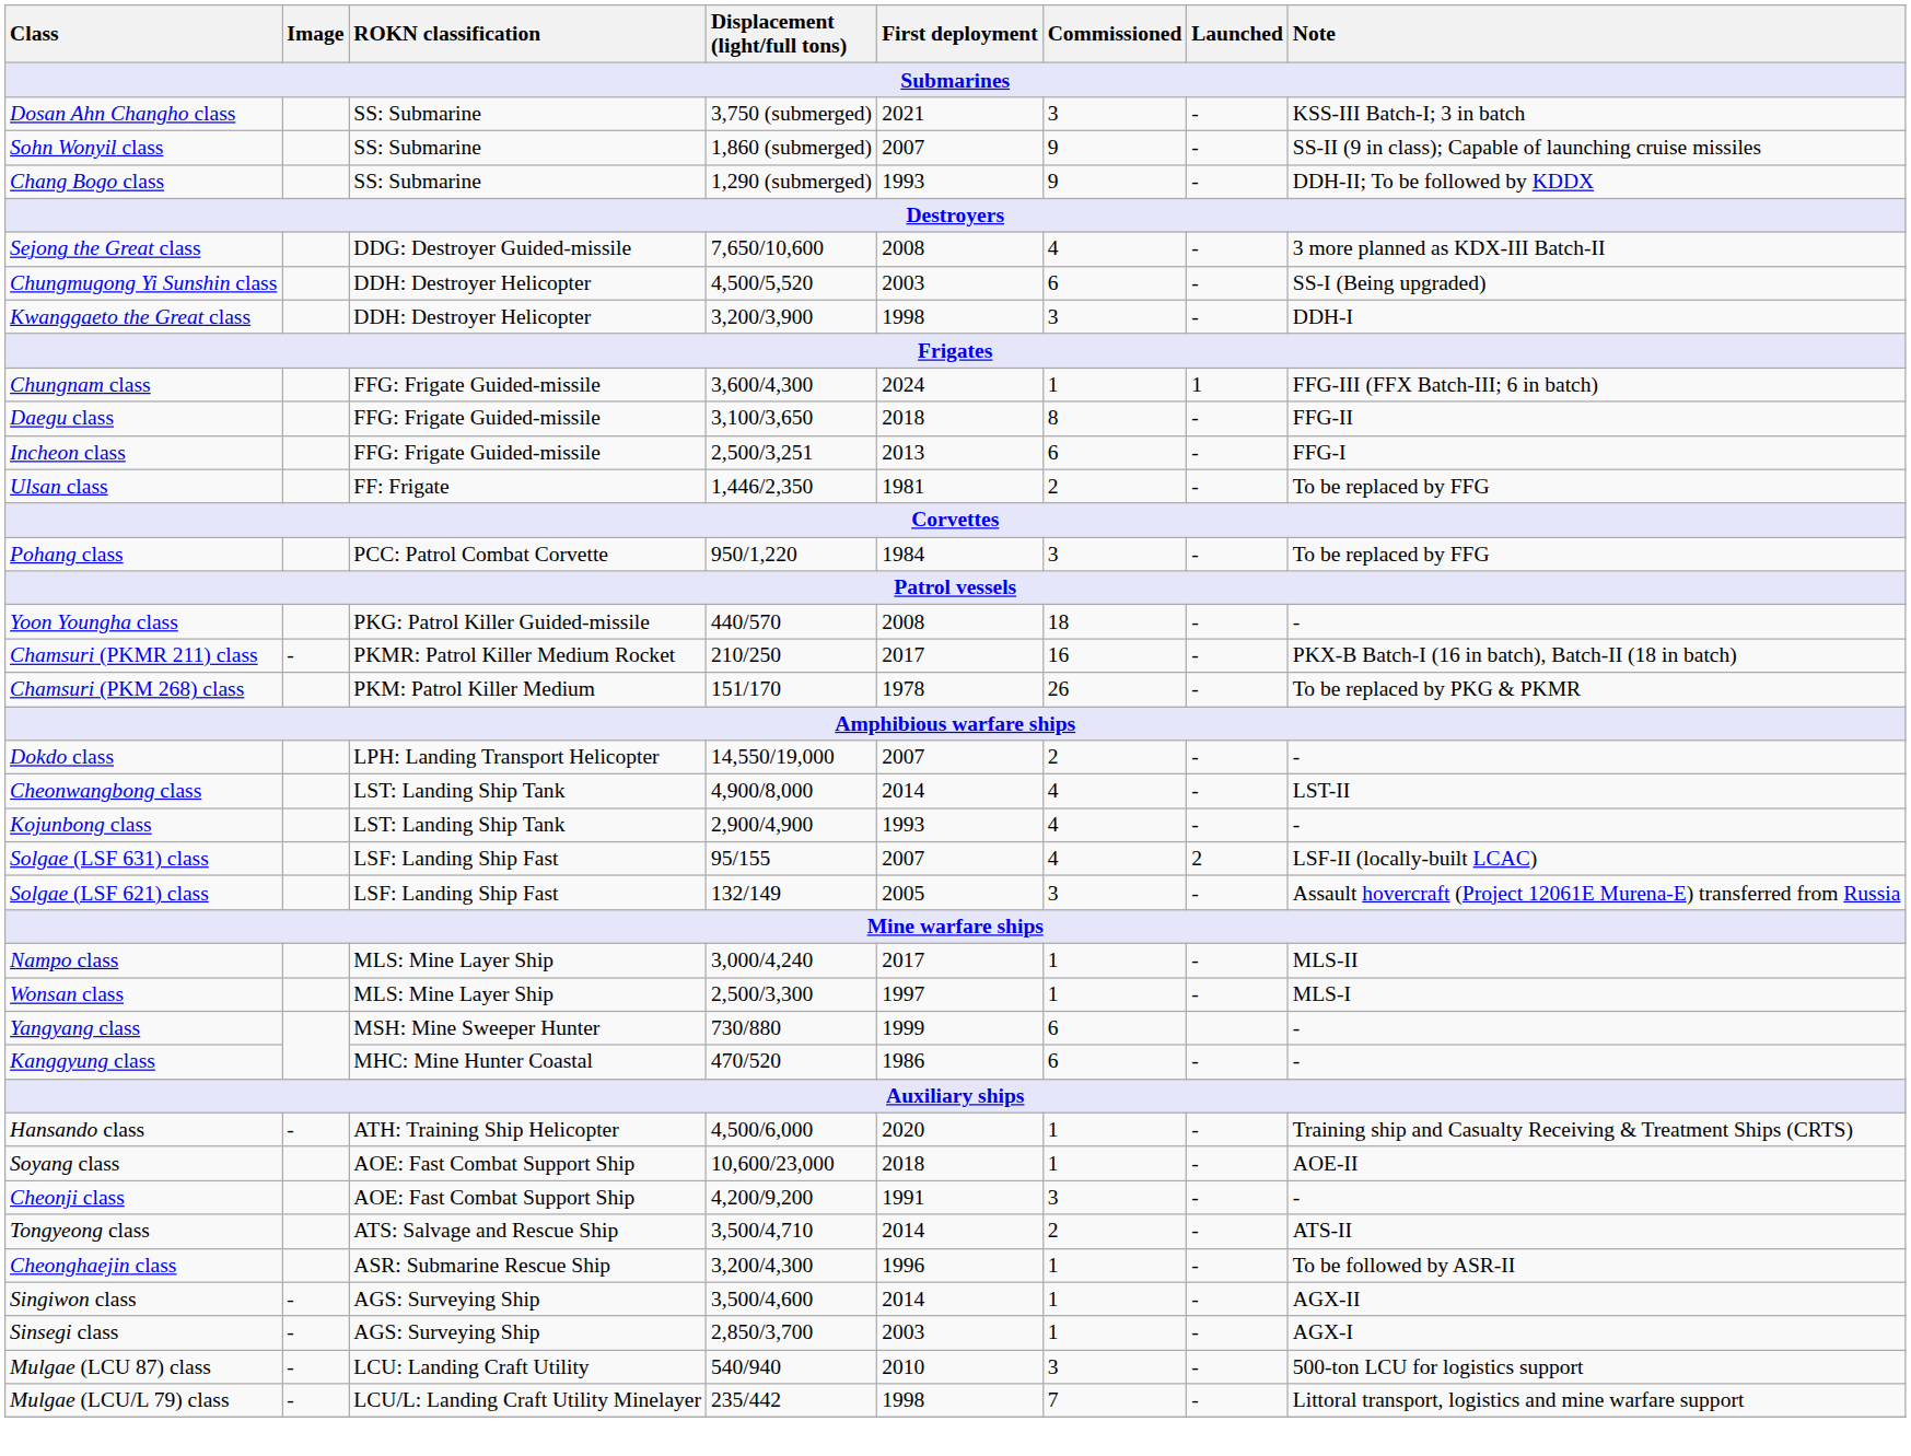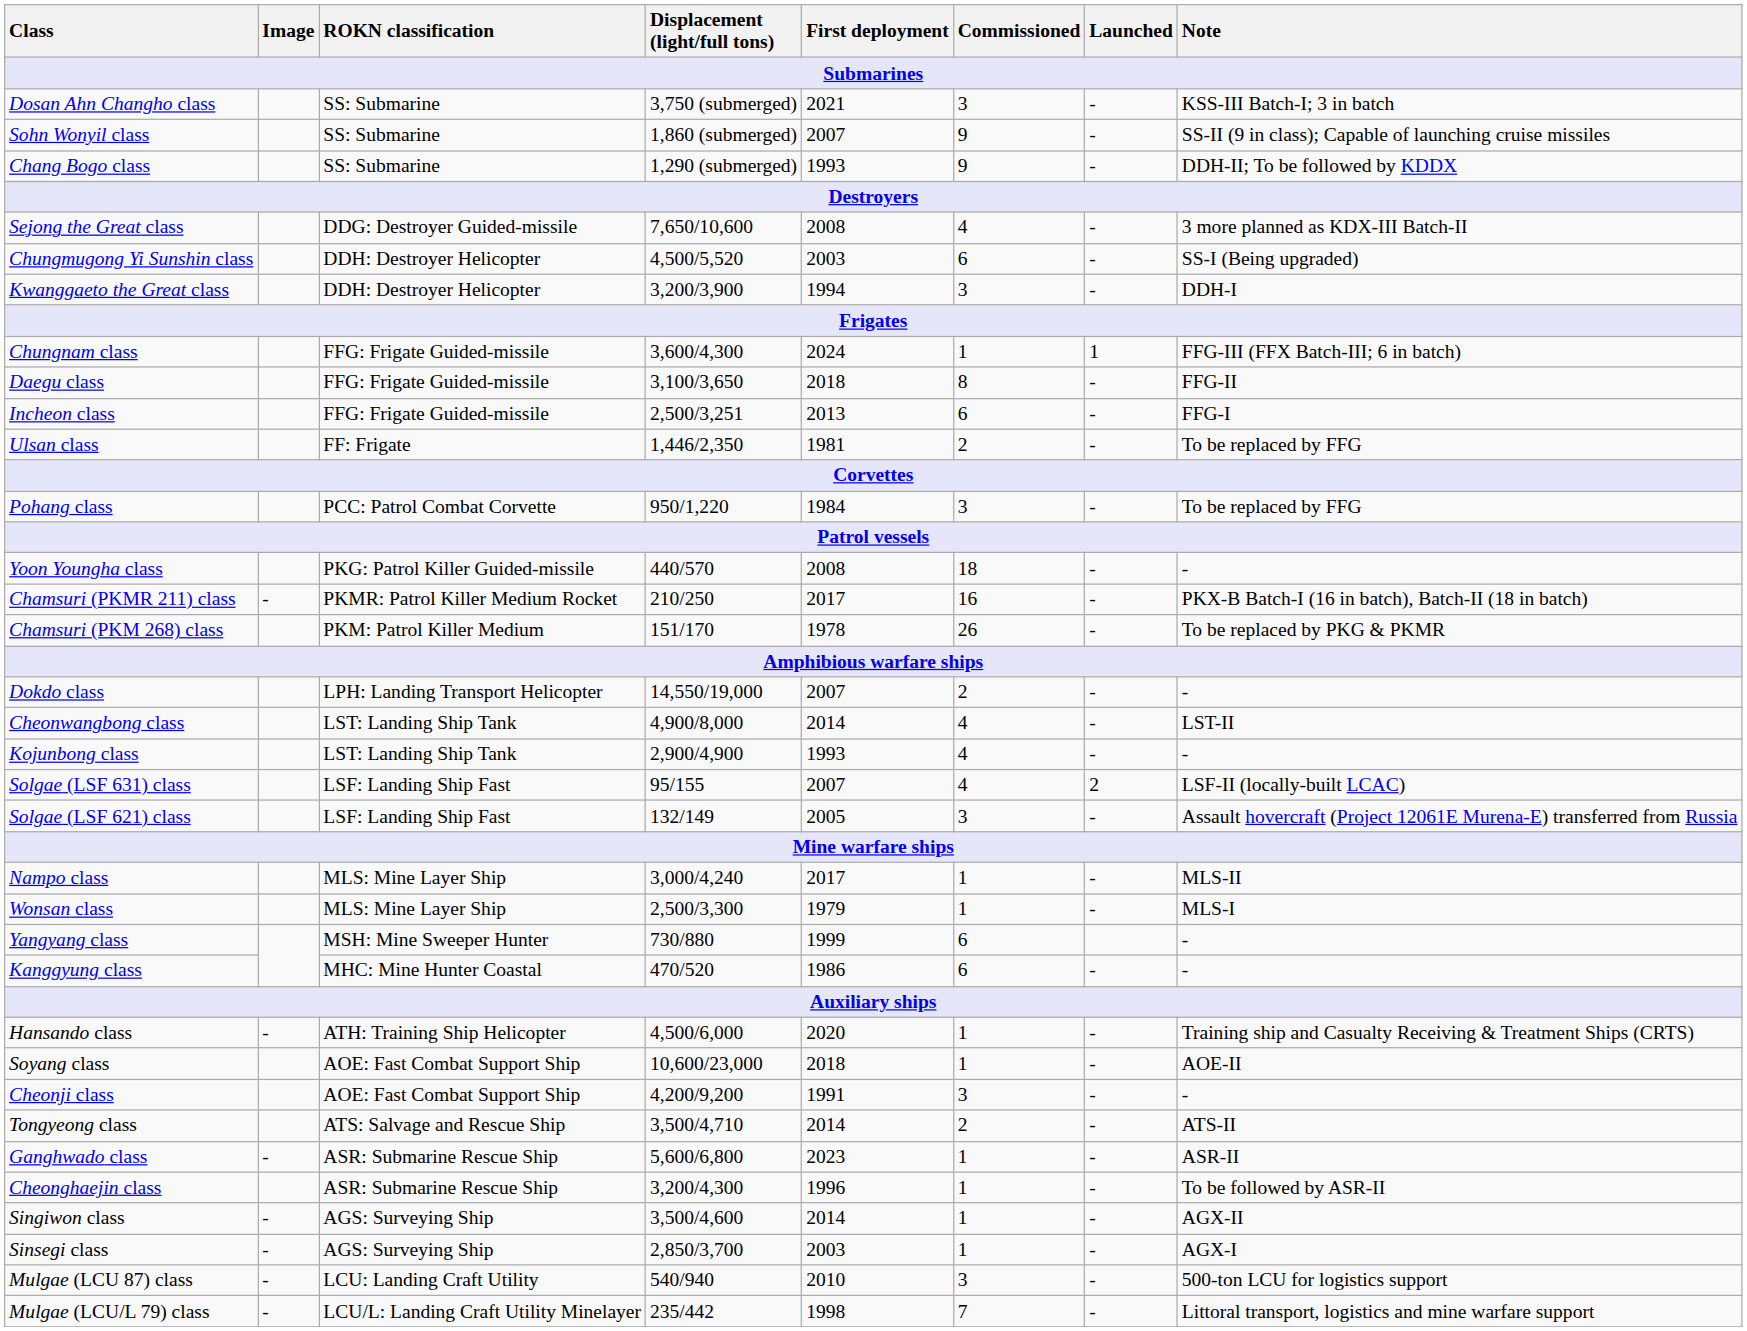 <table class="wikitable">
 <tr>
 <th style="text-align:left;">Class</th>
 <th style="text-align:left;">Image</th>
 <th style="text-align:left;">ROKN classification</th>
 <th style="text-align:left;">Displacement<br>(light/full tons)</th>
 <th style="text-align:left;">First deployment</th>
 <th style="text-align:left;">Commissioned</th>
 <th style="text-align:left;">Launched</th>
 <th style="text-align:left;">Note</th>
 </tr>
 <tr>
 <th colspan="8" style="align: center; background: lavender;"><strong><a href='#'>Submarines</a></strong></th>
 </tr>
 <tr>
 <td><a href='#'><em>Dosan Ahn Changho</em> class</a></td>
 <td></td>
 <td>SS: Submarine</td>
 <td>3,750 (submerged)</td>
 <td>2021</td>
 <td>3</td>
 <td>-</td>
 <td>KSS-III Batch-I; 3 in batch</td>
 </tr>
 <tr>
 <td><a href='#'><em>Sohn Wonyil</em> class</a></td>
 <td></td>
 <td>SS: Submarine</td>
 <td>1,860 (submerged)</td>
 <td>2007</td>
 <td>9</td>
 <td>-</td>
 <td>SS-II (9 in class); Capable of launching cruise missiles</td>
 </tr>
 <tr>
 <td><a href='#'><em>Chang Bogo</em> class</a></td>
 <td></td>
 <td>SS: Submarine</td>
 <td>1,290 (submerged)</td>
 <td>1993</td>
 <td>9</td>
 <td>-</td>
 <td>DDH-II; To be followed by <a href='#'>KDDX</a></td>
 </tr>
 <tr>
 <th colspan="8" style="align: center; background: lavender;"><strong><a href='#'>Destroyers</a></strong></th>
 </tr>
 <tr>
 <td><a href='#'><em>Sejong the Great</em> class</a></td>
 <td></td>
 <td>DDG: Destroyer Guided-missile</td>
 <td>7,650/10,600</td>
 <td>2008</td>
 <td>4 </td>
 <td>-</td>
 <td>3 more planned as KDX-III Batch-II</td>
 </tr>
 <tr>
 <td><a href='#'><em>Chungmugong Yi Sunshin</em> class</a></td>
 <td></td>
 <td>DDH: Destroyer Helicopter</td>
 <td>4,500/5,520</td>
 <td>2003</td>
 <td>6</td>
 <td>-</td>
 <td>SS-I (Being upgraded)</td>
 </tr>
 <tr>
 <td><a href='#'><em>Kwanggaeto the Great</em> class</a></td>
 <td></td>
 <td>DDH: Destroyer Helicopter</td>
 <td>3,200/3,900</td>
-<td>1998</td>
+<td>1994</td>
 <td>3</td>
 <td>-</td>
 <td>DDH-I</td>
 </tr>
 <tr>
 <th colspan="8" style="align: center; background: lavender;"><strong><a href='#'>Frigates</a></strong></th>
 </tr>
 <tr>
 <td><a href='#'><em>Chungnam</em> class</a></td>
 <td></td>
 <td>FFG: Frigate Guided-missile</td>
 <td>3,600/4,300</td>
 <td>2024</td>
 <td>1</td>
 <td>1</td>
 <td>FFG-III (FFX Batch-III; 6 in batch)</td>
 </tr>
 <tr>
 <td><a href='#'><em>Daegu</em> class</a></td>
 <td></td>
 <td>FFG: Frigate Guided-missile</td>
 <td>3,100/3,650</td>
 <td>2018</td>
 <td>8</td>
 <td>-</td>
 <td>FFG-II</td>
 </tr>
 <tr>
 <td><a href='#'><em>Incheon</em> class</a></td>
 <td></td>
 <td>FFG: Frigate Guided-missile</td>
 <td>2,500/3,251</td>
 <td>2013</td>
 <td>6</td>
 <td>-</td>
 <td>FFG-I</td>
 </tr>
 <tr>
 <td><a href='#'><em>Ulsan</em> class</a></td>
 <td></td>
 <td>FF: Frigate</td>
 <td>1,446/2,350</td>
 <td>1981</td>
 <td>2</td>
 <td>-</td>
 <td>To be replaced by FFG</td>
 </tr>
 <tr>
 <th colspan="8" style="align: center; background: lavender;"><strong><a href='#'>Corvettes</a></strong></th>
 </tr>
 <tr>
 <td><a href='#'><em>Pohang</em> class</a></td>
 <td></td>
 <td>PCC: Patrol Combat Corvette</td>
 <td>950/1,220</td>
 <td>1984</td>
 <td>3</td>
 <td>-</td>
 <td>To be replaced by FFG</td>
 </tr>
 <tr>
 <th colspan="8" style="align: center; background: lavender;"><strong><a href='#'>Patrol vessels</a></strong></th>
 </tr>
 <tr>
 <td><a href='#'><em>Yoon Youngha</em> class</a></td>
 <td></td>
 <td>PKG: Patrol Killer Guided-missile</td>
 <td>440/570</td>
 <td>2008</td>
 <td>18</td>
 <td>-</td>
 <td>-</td>
 </tr>
 <tr>
 <td><a href='#'><em>Chamsuri</em> (PKMR 211) class</a></td>
 <td>-</td>
 <td>PKMR: Patrol Killer Medium Rocket</td>
 <td>210/250</td>
 <td>2017</td>
 <td>16</td>
 <td>-</td>
 <td>PKX-B Batch-I (16 in batch), Batch-II (18 in batch)</td>
 </tr>
 <tr>
 <td><a href='#'><em>Chamsuri</em> (PKM 268) class</a></td>
 <td></td>
 <td>PKM: Patrol Killer Medium</td>
 <td>151/170</td>
 <td>1978</td>
 <td>26</td>
 <td>-</td>
 <td>To be replaced by PKG & PKMR</td>
 </tr>
 <tr>
 <th colspan="8" style="align: center; background: lavender;"><strong><a href='#'>Amphibious warfare ships</a></strong></th>
 </tr>
 <tr>
 <td><a href='#'><em>Dokdo</em> class</a></td>
 <td></td>
 <td>LPH: Landing Transport Helicopter</td>
 <td>14,550/19,000</td>
 <td>2007</td>
 <td>2</td>
 <td>-</td>
 <td>-</td>
 </tr>
 <tr>
 <td><a href='#'><em>Cheonwangbong</em> class</a></td>
 <td></td>
 <td>LST: Landing Ship Tank</td>
 <td>4,900/8,000</td>
 <td>2014</td>
 <td>4</td>
 <td>-</td>
 <td>LST-II</td>
 </tr>
 <tr>
 <td><a href='#'><em>Kojunbong</em> class</a></td>
 <td></td>
 <td>LST: Landing Ship Tank</td>
 <td>2,900/4,900</td>
 <td>1993</td>
 <td>4</td>
 <td>-</td>
 <td>-</td>
 </tr>
 <tr>
 <td><a href='#'><em>Solgae</em> (LSF 631) class</a></td>
 <td></td>
 <td>LSF: Landing Ship Fast</td>
 <td>95/155</td>
 <td>2007</td>
 <td>4</td>
 <td>2</td>
 <td>LSF-II (locally-built <a href='#'>LCAC</a>)</td>
 </tr>
 <tr>
 <td><a href='#'><em>Solgae</em> (LSF 621) class</a></td>
 <td></td>
 <td>LSF: Landing Ship Fast</td>
 <td>132/149</td>
 <td>2005</td>
 <td>3</td>
 <td>-</td>
 <td>Assault <a href='#'>hovercraft</a> (<a href='#'>Project 12061E Murena-E</a>) transferred from <a href='#'>Russia</a></td>
 </tr>
 <tr>
 <th colspan="8" style="align: center; background: lavender;"><strong><a href='#'>Mine warfare ships</a></strong></th>
 </tr>
 <tr>
 <td><a href='#'><em>Nampo</em> class</a></td>
 <td></td>
 <td>MLS: Mine Layer Ship</td>
 <td>3,000/4,240</td>
 <td>2017</td>
 <td>1</td>
 <td>-</td>
 <td>MLS-II</td>
 </tr>
 <tr>
 <td><a href='#'><em>Wonsan</em> class</a></td>
 <td></td>
 <td>MLS: Mine Layer Ship</td>
 <td>2,500/3,300</td>
-<td>1997</td>
+<td>1979</td>
 <td>1</td>
 <td>-</td>
 <td>MLS-I</td>
 </tr>
 <tr>
 <td><a href='#'><em>Yangyang</em> class</a></td>
 <td rowspan="2"></td>
 <td>MSH: Mine Sweeper Hunter</td>
 <td>730/880</td>
 <td>1999</td>
 <td>6</td>
 <td></td>
 <td>-</td>
 </tr>
 <tr>
 <td><a href='#'><em>Kanggyung</em> class</a></td>
 <td>MHC: Mine Hunter Coastal</td>
 <td>470/520</td>
 <td>1986</td>
 <td>6</td>
 <td>-</td>
 <td>-</td>
 </tr>
 <tr>
 <th colspan="8" style="align: center; background: lavender;"><strong><a href='#'>Auxiliary ships</a></strong></th>
 </tr>
 <tr>
 <td><em>Hansando</em> class</td>
 <td>-</td>
 <td>ATH: Training Ship Helicopter</td>
 <td>4,500/6,000</td>
 <td>2020</td>
 <td>1</td>
 <td>-</td>
 <td>Training ship and Casualty Receiving & Treatment Ships (CRTS)</td>
 </tr>
 <tr>
 <td><em>Soyang</em> class</td>
 <td></td>
 <td>AOE: Fast Combat Support Ship</td>
 <td>10,600/23,000</td>
 <td>2018</td>
 <td>1</td>
 <td>-</td>
 <td>AOE-II</td>
 </tr>
 <tr>
 <td><a href='#'><em>Cheonji</em> class</a></td>
 <td></td>
 <td>AOE: Fast Combat Support Ship</td>
 <td>4,200/9,200</td>
 <td>1991</td>
 <td>3</td>
 <td>-</td>
 <td>-</td>
 </tr>
 <tr>
 <td><em>Tongyeong</em> class</td>
 <td></td>
 <td>ATS: Salvage and Rescue Ship</td>
 <td>3,500/4,710</td>
 <td>2014</td>
 <td>2</td>
 <td>-</td>
 <td>ATS-II</td>
 </tr>
 <tr>
+<td><a href='#'><em>Ganghwado</em> class</a></td>
+<td>-</td>
+<td>ASR: Submarine Rescue Ship</td>
+<td>5,600/6,800</td>
+<td>2023</td>
+<td>1</td>
+<td>-</td>
+<td>ASR-II</td>
+</tr>
+<tr>
 <td><a href='#'><em>Cheonghaejin</em> class</a></td>
 <td></td>
 <td>ASR: Submarine Rescue Ship</td>
 <td>3,200/4,300</td>
 <td>1996</td>
 <td>1</td>
 <td>-</td>
 <td>To be followed by ASR-II</td>
 </tr>
 <tr>
 <td><em>Singiwon</em> class</td>
 <td>-</td>
 <td>AGS: Surveying Ship</td>
 <td>3,500/4,600</td>
 <td>2014</td>
 <td>1</td>
 <td>-</td>
 <td>AGX-II</td>
 </tr>
 <tr>
 <td><em>Sinsegi</em> class</td>
 <td>-</td>
 <td>AGS: Surveying Ship</td>
 <td>2,850/3,700</td>
 <td>2003</td>
 <td>1</td>
 <td>-</td>
 <td>AGX-I</td>
 </tr>
 <tr>
 <td><em>Mulgae</em> (LCU 87) class</td>
 <td>-</td>
 <td>LCU: Landing Craft Utility</td>
 <td>540/940</td>
 <td>2010</td>
 <td>3</td>
 <td>-</td>
 <td>500-ton LCU for logistics support</td>
 </tr>
 <tr>
 <td><em>Mulgae</em> (LCU/L 79) class</td>
 <td>-</td>
 <td>LCU/L: Landing Craft Utility Minelayer</td>
 <td>235/442</td>
 <td>1998</td>
 <td>7</td>
 <td>-</td>
 <td>Littoral transport, logistics and mine warfare support</td>
 </tr>
 <tr>
 </tr>
 </table>
